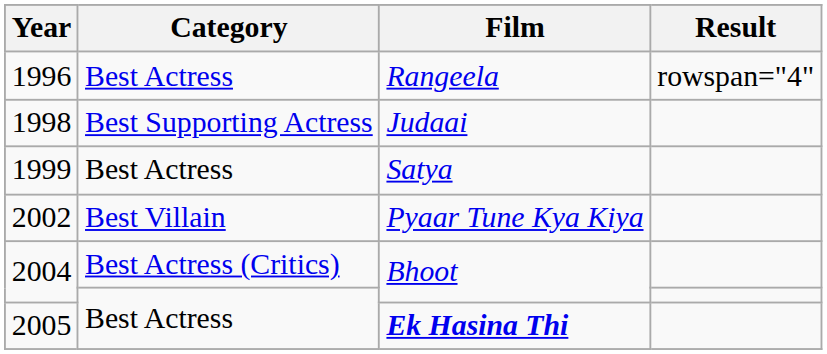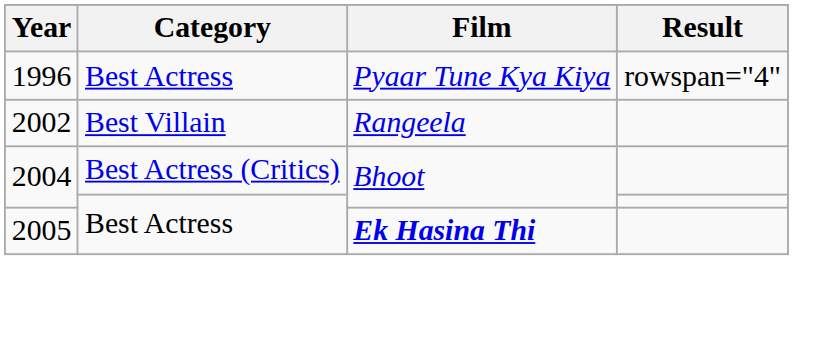 <table class="wikitable">
 <tr>
 <th>Year</th>
 <th>Category</th>
 <th>Film</th>
 <th>Result</th>
 </tr>
 <tr>
 <td>1996</td>
 <td><a href='#'>Best Actress</a></td>
-<td><em><a href='#'>Rangeela</a></em></td>
+<td><em><a href='#'>Pyaar Tune Kya Kiya</a></em></td>
 <td>rowspan="4"</td>
-</tr>
-<tr>
-<td>1998</td>
-<td><a href='#'>Best Supporting Actress</a></td>
-<td><em><a href='#'>Judaai</a></em></td>
-<td></td>
-</tr>
-<tr>
-<td>1999</td>
-<td>Best Actress</td>
-<td><em><a href='#'>Satya</a></em></td>
-<td></td>
 </tr>
 <tr>
 <td>2002</td>
 <td><a href='#'>Best Villain</a></td>
-<td><em><a href='#'>Pyaar Tune Kya Kiya</a></em></td>
+<td><em><a href='#'>Rangeela</a></em></td>
 <td></td>
 </tr>
 <tr>
 <td rowspan="2">2004</td>
 <td><a href='#'>Best Actress (Critics)</a></td>
 <td rowspan="2"><em><a href='#'>Bhoot</a></em></td>
 <td></td>
 </tr>
 <tr>
 <td rowspan="2">Best Actress</td>
 <td></td>
 </tr>
 <tr>
 <td>2005</td>
 <td><strong><em><a href='#'>Ek Hasina Thi</a></em></strong></td>
 <td></td>
 </tr>
 </table>
